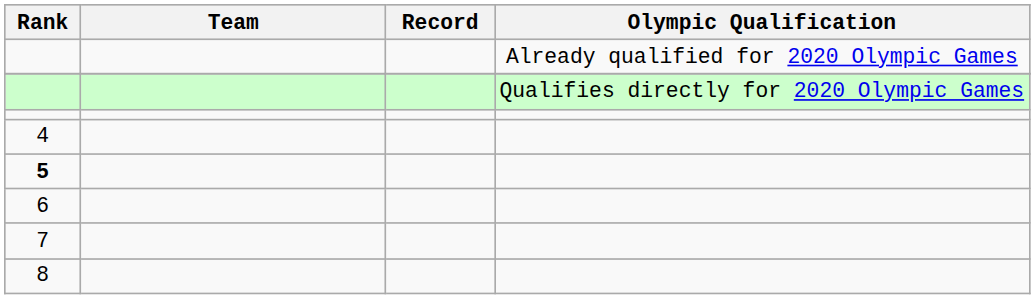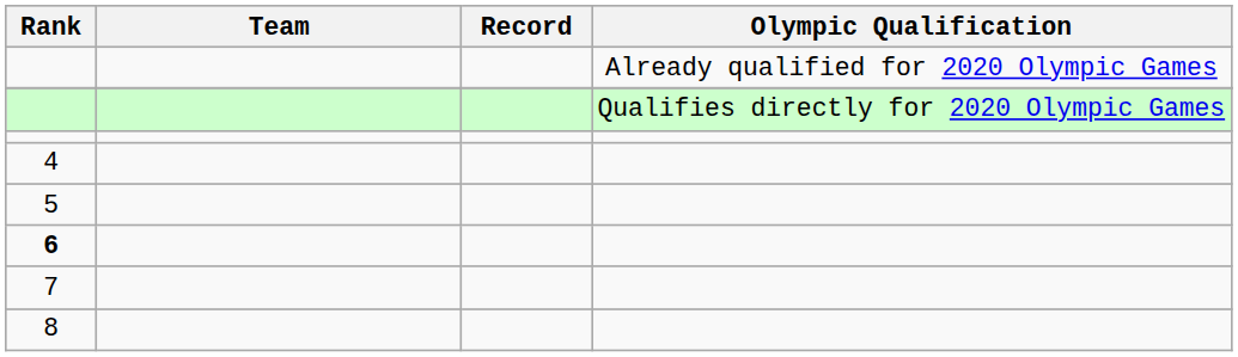 <table class="wikitable" style="text-align: center;">
 <tr>
 <th width=40>Rank</th>
 <th width=180>Team</th>
 <th width=60>Record</th>
 <th>Olympic Qualification</th>
 </tr>
 <tr>
 <td></td>
 <td align=left></td>
 <td></td>
 <td>Already qualified for <a href='#'>2020 Olympic Games</a></td>
 </tr>
 <tr>
 </tr>
 <tr style="background-color:#ccffcc;">
 <td></td>
 <td align=left></td>
 <td></td>
 <td>Qualifies directly for <a href='#'>2020 Olympic Games</a></td>
 </tr>
 <tr>
 <td></td>
 <td align=left></td>
 <td></td>
 <td></td>
 </tr>
 <tr>
 <td>4</td>
 <td align=left></td>
 <td></td>
 <td></td>
 </tr>
 <tr>
-<td><strong>5</strong></td>
+<td>5</td>
 <td align=left></td>
 <td></td>
 <td></td>
 </tr>
 <tr>
-<td>6</td>
+<td><strong>6</strong></td>
 <td align=left></td>
 <td></td>
 <td></td>
 </tr>
 <tr>
 <td>7</td>
 <td align=left></td>
 <td></td>
 <td></td>
 </tr>
 <tr>
 <td>8</td>
 <td align=left></td>
 <td></td>
 <td></td>
 </tr>
 </table>
